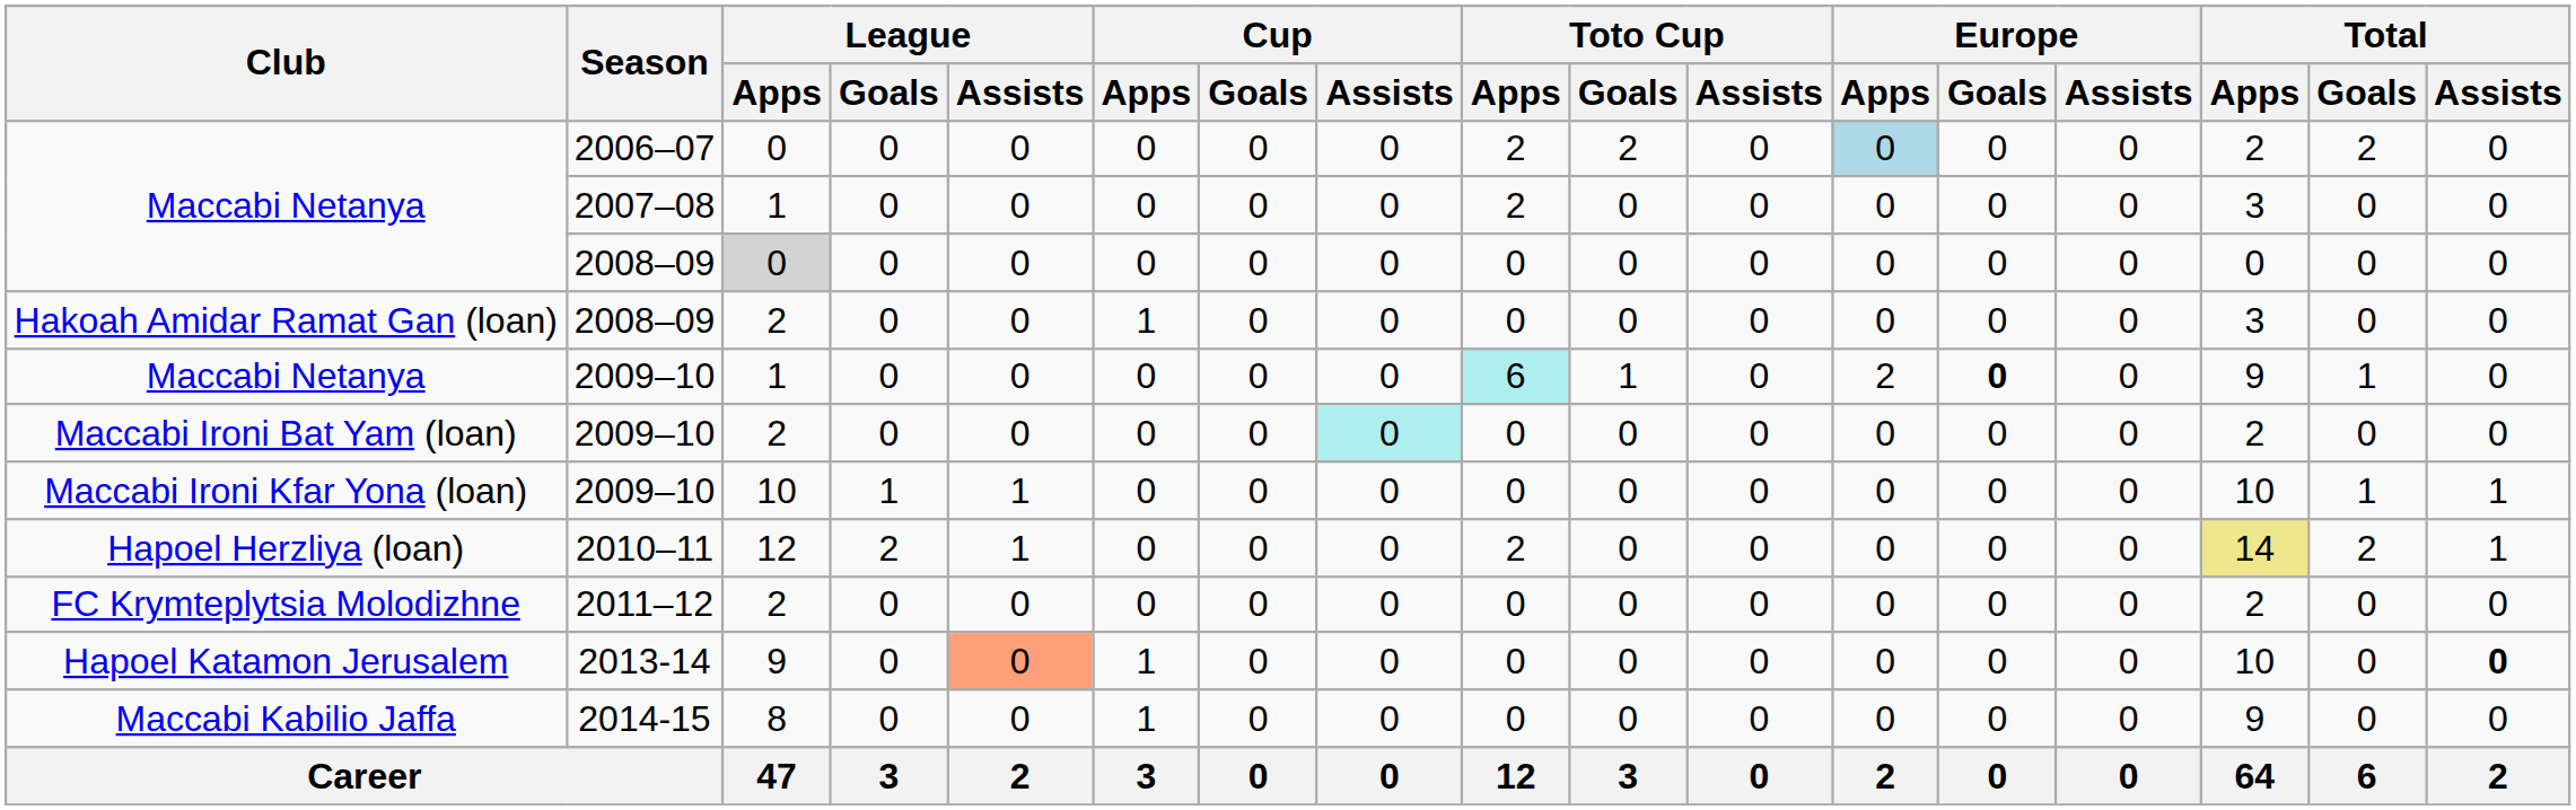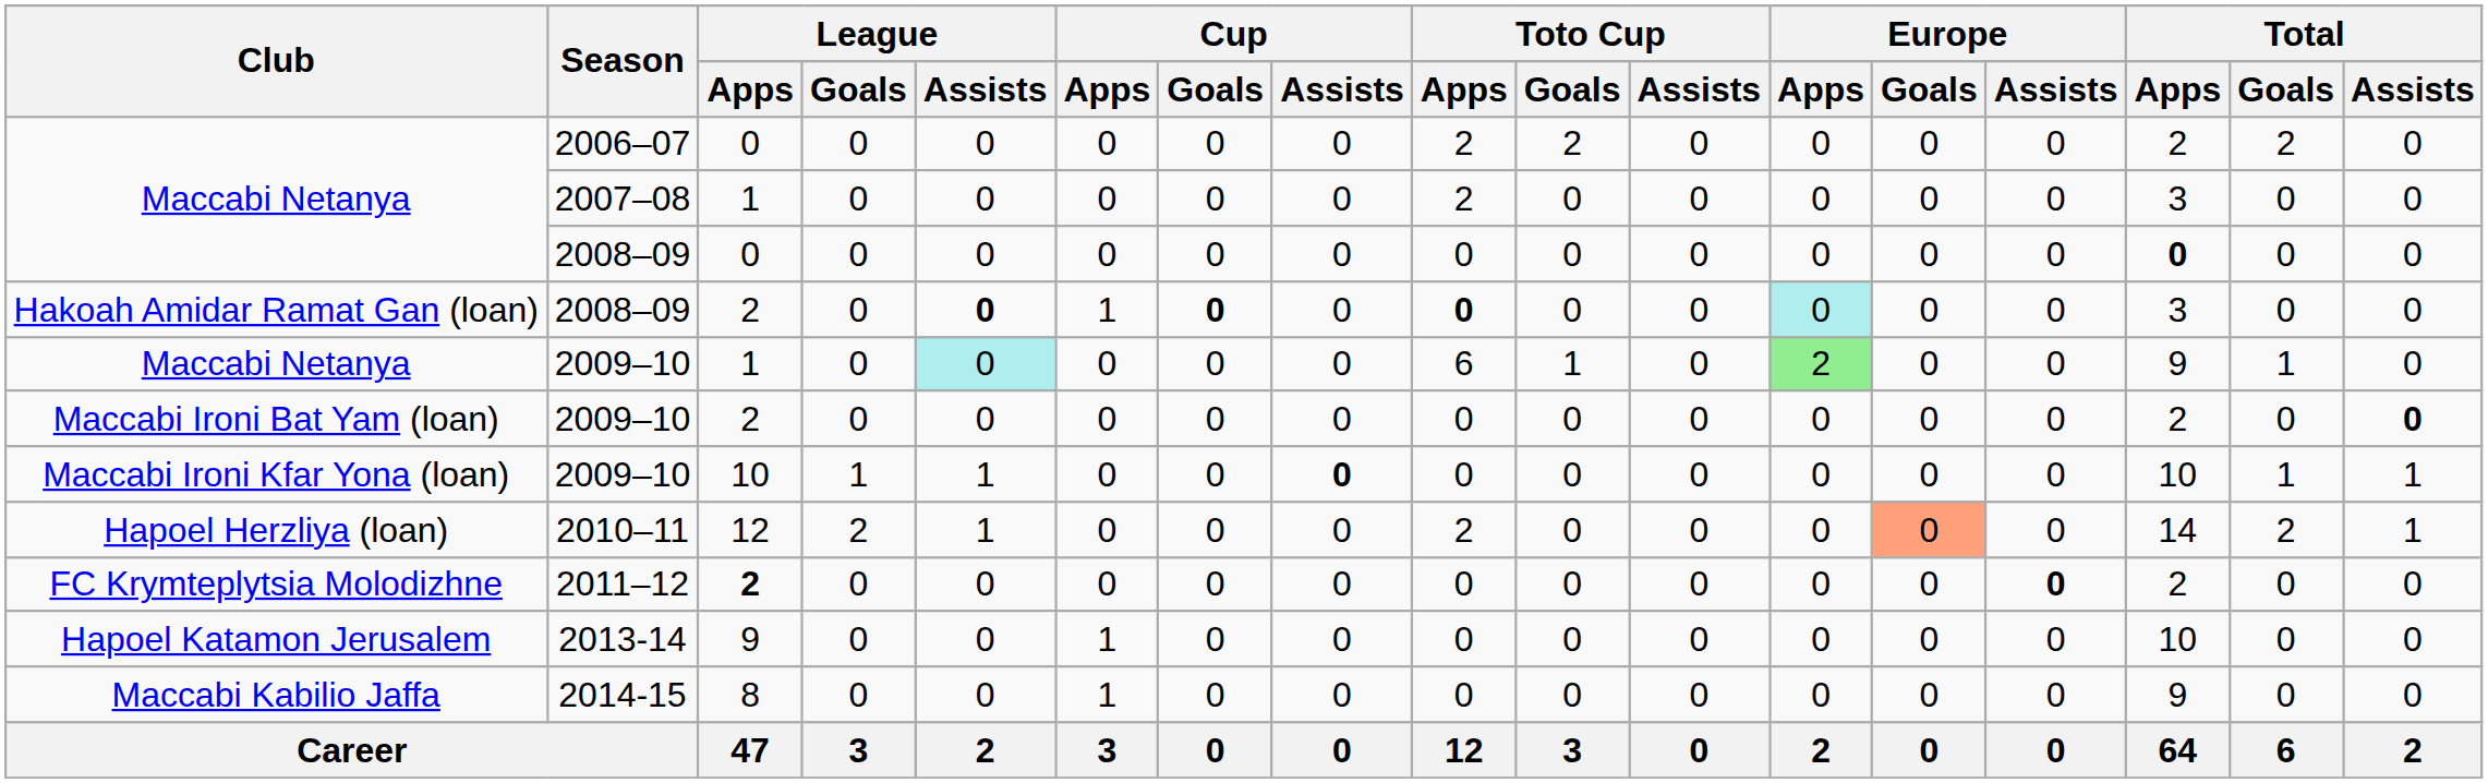 <table class="wikitable" style="font-size:90%; text-align: center;">
 <tr>
 <th rowspan="2">Club</th>
 <th rowspan="2">Season</th>
 <th colspan="3">League</th>
 <th colspan="3">Cup</th>
 <th colspan="3">Toto Cup</th>
 <th colspan="3">Europe</th>
 <th colspan="3">Total</th>
 </tr>
 <tr>
 <th>Apps</th>
 <th>Goals</th>
 <th>Assists</th>
 <th>Apps</th>
 <th>Goals</th>
 <th>Assists</th>
 <th>Apps</th>
 <th>Goals</th>
 <th>Assists</th>
 <th>Apps</th>
 <th>Goals</th>
 <th>Assists</th>
 <th>Apps</th>
 <th>Goals</th>
 <th>Assists</th>
 </tr>
 <tr |-||-||-|>
 <td rowspan="3" valign="center"><a href='#'>Maccabi Netanya</a></td>
 <td>2006–07</td>
 <td>0</td>
 <td>0</td>
 <td>0</td>
 <td>0</td>
 <td>0</td>
 <td>0</td>
 <td>2</td>
 <td>2</td>
 <td>0</td>
-<td style="background: lightblue;">0</td>
+<td>0</td>
 <td>0</td>
 <td>0</td>
 <td>2</td>
 <td>2</td>
 <td>0</td>
 </tr>
 <tr>
 <td>2007–08</td>
 <td>1</td>
 <td>0</td>
 <td>0</td>
 <td>0</td>
 <td>0</td>
 <td>0</td>
 <td>2</td>
 <td>0</td>
 <td>0</td>
 <td>0</td>
 <td>0</td>
 <td>0</td>
 <td>3</td>
 <td>0</td>
 <td>0</td>
 </tr>
 <tr>
 <td>2008–09</td>
-<td style="background: lightgrey;">0</td>
 <td>0</td>
 <td>0</td>
 <td>0</td>
 <td>0</td>
 <td>0</td>
 <td>0</td>
 <td>0</td>
 <td>0</td>
 <td>0</td>
 <td>0</td>
 <td>0</td>
 <td>0</td>
+<td><strong>0</strong></td>
 <td>0</td>
 <td>0</td>
 </tr>
 <tr>
 <td rowspan="1" valign="center"><a href='#'>Hakoah Amidar Ramat Gan</a> (loan)</td>
 <td>2008–09</td>
 <td>2</td>
 <td>0</td>
+<td><strong>0</strong></td>
+<td>1</td>
+<td><strong>0</strong></td>
 <td>0</td>
-<td>1</td>
+<td><strong>0</strong></td>
 <td>0</td>
 <td>0</td>
-<td>0</td>
-<td>0</td>
-<td>0</td>
-<td>0</td>
+<td style="background: paleturquoise;">0</td>
 <td>0</td>
 <td>0</td>
 <td>3</td>
 <td>0</td>
 <td>0</td>
 </tr>
 <tr>
 <td rowspan="1" valign="center"><a href='#'>Maccabi Netanya</a></td>
 <td>2009–10</td>
 <td>1</td>
 <td>0</td>
+<td style="background: paleturquoise;">0</td>
 <td>0</td>
 <td>0</td>
 <td>0</td>
-<td>0</td>
-<td style="background: paleturquoise;">6</td>
+<td>6</td>
 <td>1</td>
 <td>0</td>
-<td>2</td>
-<td><strong>0</strong></td>
+<td style="background: lightgreen;">2</td>
+<td>0</td>
 <td>0</td>
 <td>9</td>
 <td>1</td>
 <td>0</td>
 </tr>
 <tr>
 <td rowspan="1" valign="center"><a href='#'>Maccabi Ironi Bat Yam</a> (loan)</td>
 <td>2009–10</td>
 <td>2</td>
 <td>0</td>
 <td>0</td>
 <td>0</td>
 <td>0</td>
-<td style="background: paleturquoise;">0</td>
+<td>0</td>
 <td>0</td>
 <td>0</td>
 <td>0</td>
 <td>0</td>
 <td>0</td>
 <td>0</td>
 <td>2</td>
 <td>0</td>
-<td>0</td>
+<td><strong>0</strong></td>
 </tr>
 <tr>
 <td rowspan="1" valign="center"><a href='#'>Maccabi Ironi Kfar Yona</a> (loan)</td>
 <td>2009–10</td>
 <td>10</td>
 <td>1</td>
 <td>1</td>
 <td>0</td>
 <td>0</td>
-<td>0</td>
+<td><strong>0</strong></td>
 <td>0</td>
 <td>0</td>
 <td>0</td>
 <td>0</td>
 <td>0</td>
 <td>0</td>
 <td>10</td>
 <td>1</td>
 <td>1</td>
 </tr>
 <tr>
 <td rowspan="1" valign="center"><a href='#'>Hapoel Herzliya</a> (loan)</td>
 <td>2010–11</td>
 <td>12</td>
 <td>2</td>
 <td>1</td>
 <td>0</td>
 <td>0</td>
 <td>0</td>
 <td>2</td>
 <td>0</td>
 <td>0</td>
 <td>0</td>
+<td style="background: lightsalmon;">0</td>
 <td>0</td>
-<td>0</td>
-<td style="background: khaki;">14</td>
+<td>14</td>
 <td>2</td>
 <td>1</td>
 </tr>
 <tr>
 <td rowspan="1" valign="center"><a href='#'>FC Krymteplytsia Molodizhne</a></td>
 <td>2011–12</td>
-<td>2</td>
+<td><strong>2</strong></td>
 <td>0</td>
 <td>0</td>
 <td>0</td>
 <td>0</td>
 <td>0</td>
 <td>0</td>
 <td>0</td>
 <td>0</td>
 <td>0</td>
 <td>0</td>
-<td>0</td>
+<td><strong>0</strong></td>
 <td>2</td>
 <td>0</td>
 <td>0</td>
 </tr>
 <tr>
 <td rowspan="1" valign="center"><a href='#'>Hapoel Katamon Jerusalem</a></td>
 <td>2013-14</td>
 <td>9</td>
 <td>0</td>
-<td style="background: lightsalmon;">0</td>
+<td>0</td>
 <td>1</td>
 <td>0</td>
 <td>0</td>
 <td>0</td>
 <td>0</td>
 <td>0</td>
 <td>0</td>
 <td>0</td>
 <td>0</td>
 <td>10</td>
 <td>0</td>
-<td><strong>0</strong></td>
+<td>0</td>
 </tr>
 <tr>
 <td rowspan="1" valign="center"><a href='#'>Maccabi Kabilio Jaffa</a></td>
 <td>2014-15</td>
 <td>8</td>
 <td>0</td>
 <td>0</td>
 <td>1</td>
 <td>0</td>
 <td>0</td>
 <td>0</td>
 <td>0</td>
 <td>0</td>
 <td>0</td>
 <td>0</td>
 <td>0</td>
 <td>9</td>
 <td>0</td>
 <td>0</td>
 </tr>
 <tr>
 <th colspan="2" valign="center">Career</th>
 <th>47</th>
 <th>3</th>
 <th>2</th>
 <th>3</th>
 <th>0</th>
 <th>0</th>
 <th>12</th>
 <th>3</th>
 <th>0</th>
 <th>2</th>
 <th>0</th>
 <th>0</th>
 <th>64</th>
 <th>6</th>
 <th>2</th>
 </tr>
 </table>
